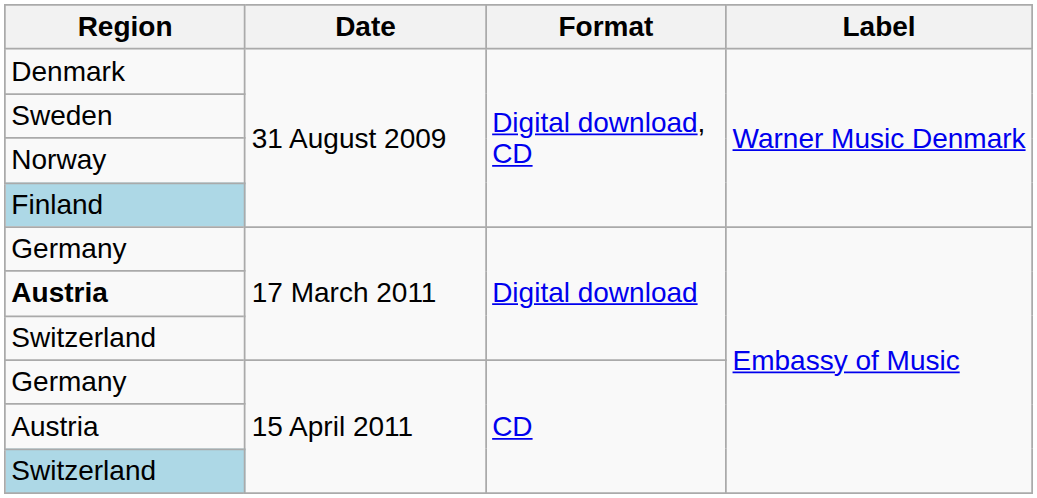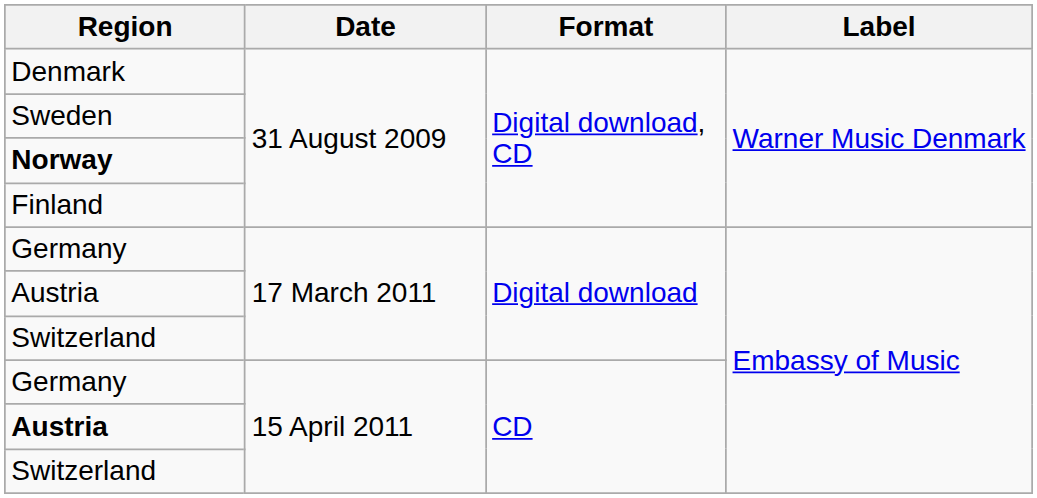 <table class="wikitable">
 <tr>
 <th style="width:130px;">Region</th>
 <th style="width:130px;">Date</th>
 <th style="width:130px;">Format</th>
 <th>Label</th>
 </tr>
 <tr>
 <td>Denmark</td>
 <td rowspan="4">31 August 2009</td>
 <td rowspan="4"><a href='#'>Digital download</a>, <a href='#'>CD</a></td>
 <td rowspan="4"><a href='#'>Warner Music Denmark</a></td>
 </tr>
 <tr>
 <td>Sweden</td>
 </tr>
 <tr>
-<td>Norway</td>
+<td><strong>Norway</strong></td>
 </tr>
 <tr>
-<td style="background: lightblue;">Finland</td>
+<td>Finland</td>
 </tr>
 <tr>
 <td>Germany</td>
 <td rowspan="3">17 March 2011</td>
 <td rowspan="3"><a href='#'>Digital download</a></td>
 <td rowspan="6"><a href='#'>Embassy of Music</a></td>
 </tr>
 <tr>
-<td><strong>Austria</strong></td>
+<td>Austria</td>
 </tr>
 <tr>
 <td>Switzerland</td>
 </tr>
 <tr>
 <td>Germany</td>
 <td rowspan="3">15 April 2011</td>
 <td rowspan="3"><a href='#'>CD</a></td>
 </tr>
 <tr>
-<td>Austria</td>
+<td><strong>Austria</strong></td>
 </tr>
 <tr>
-<td style="background: lightblue;">Switzerland</td>
+<td>Switzerland</td>
 </tr>
 </table>
